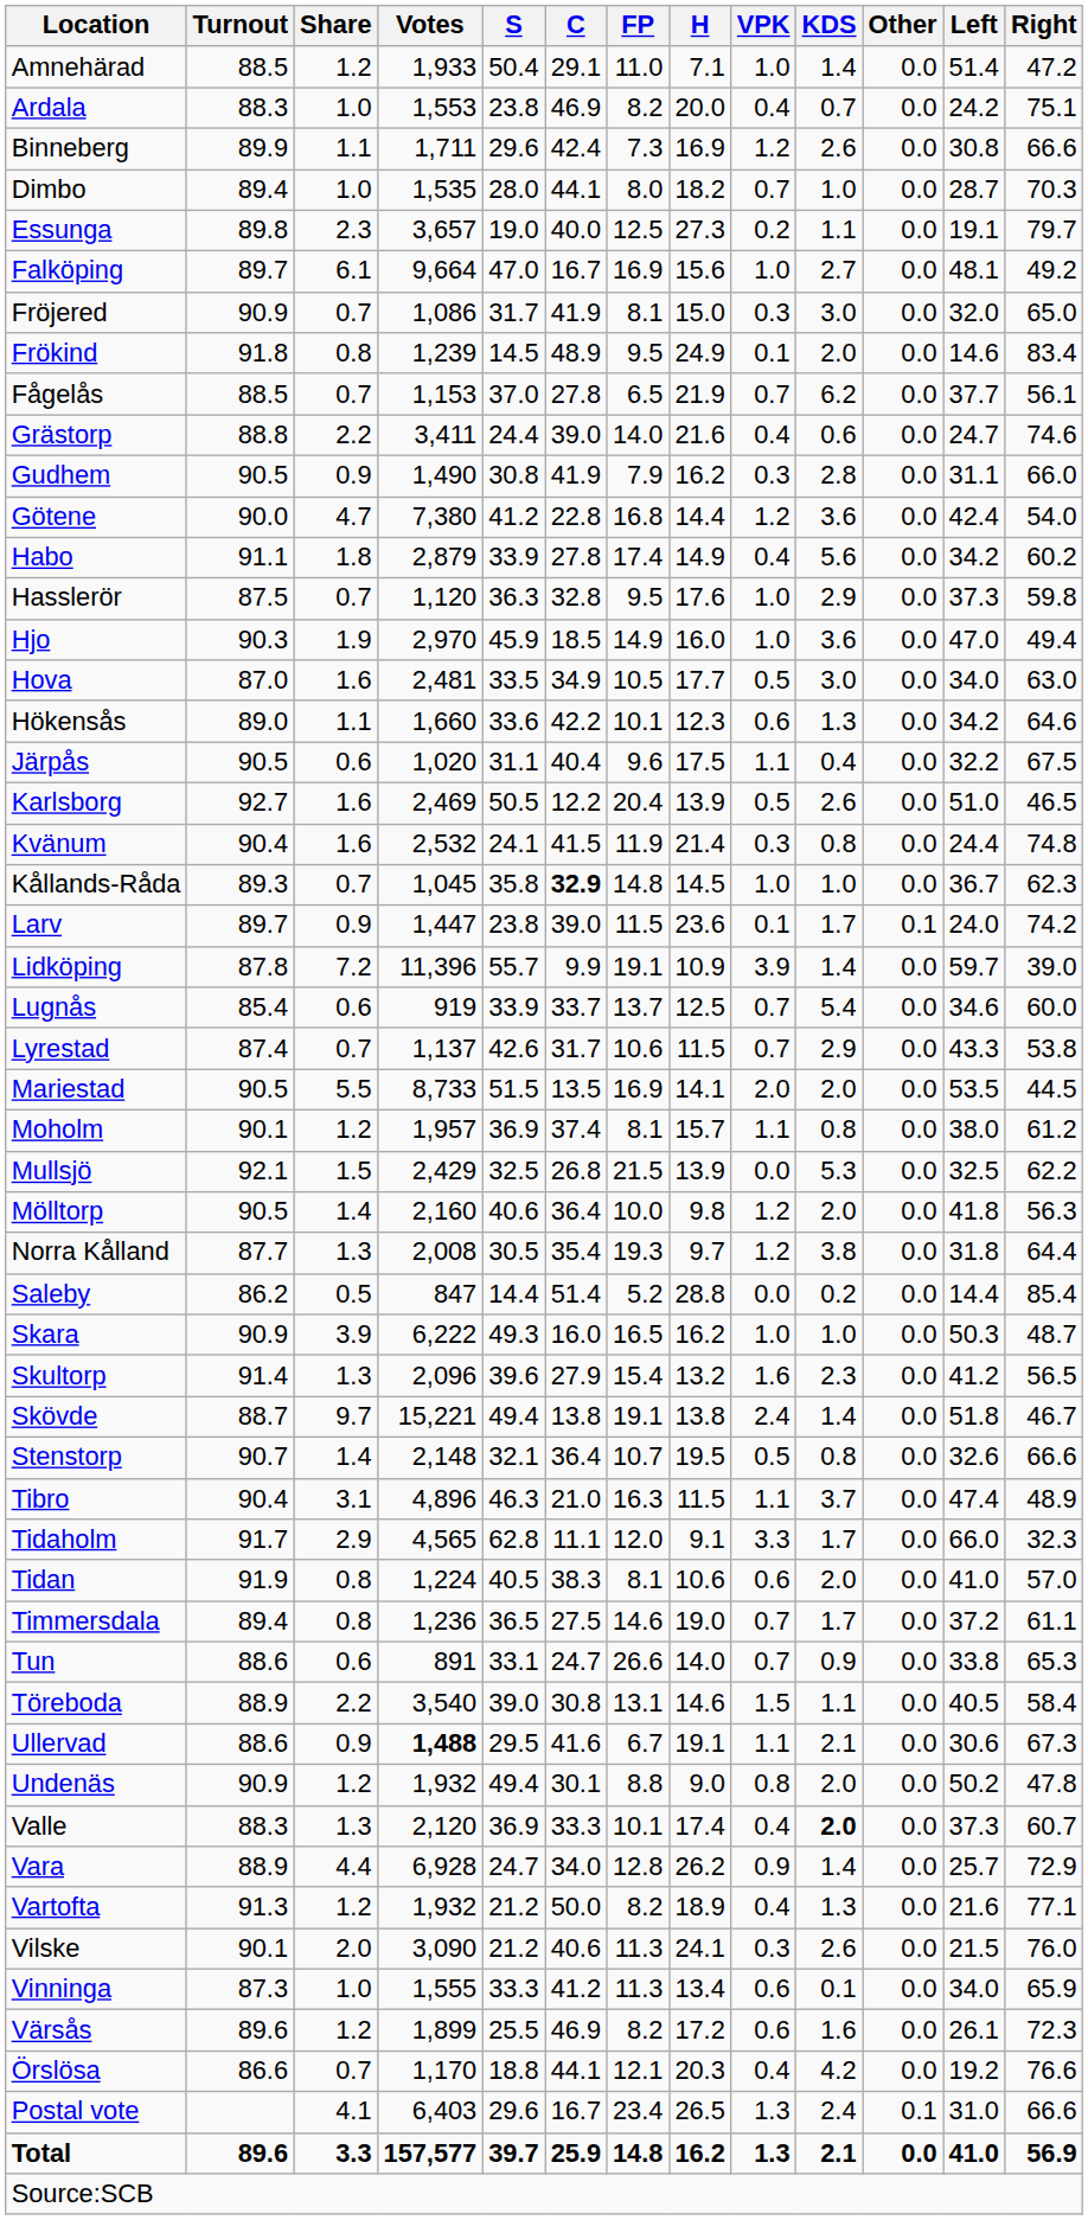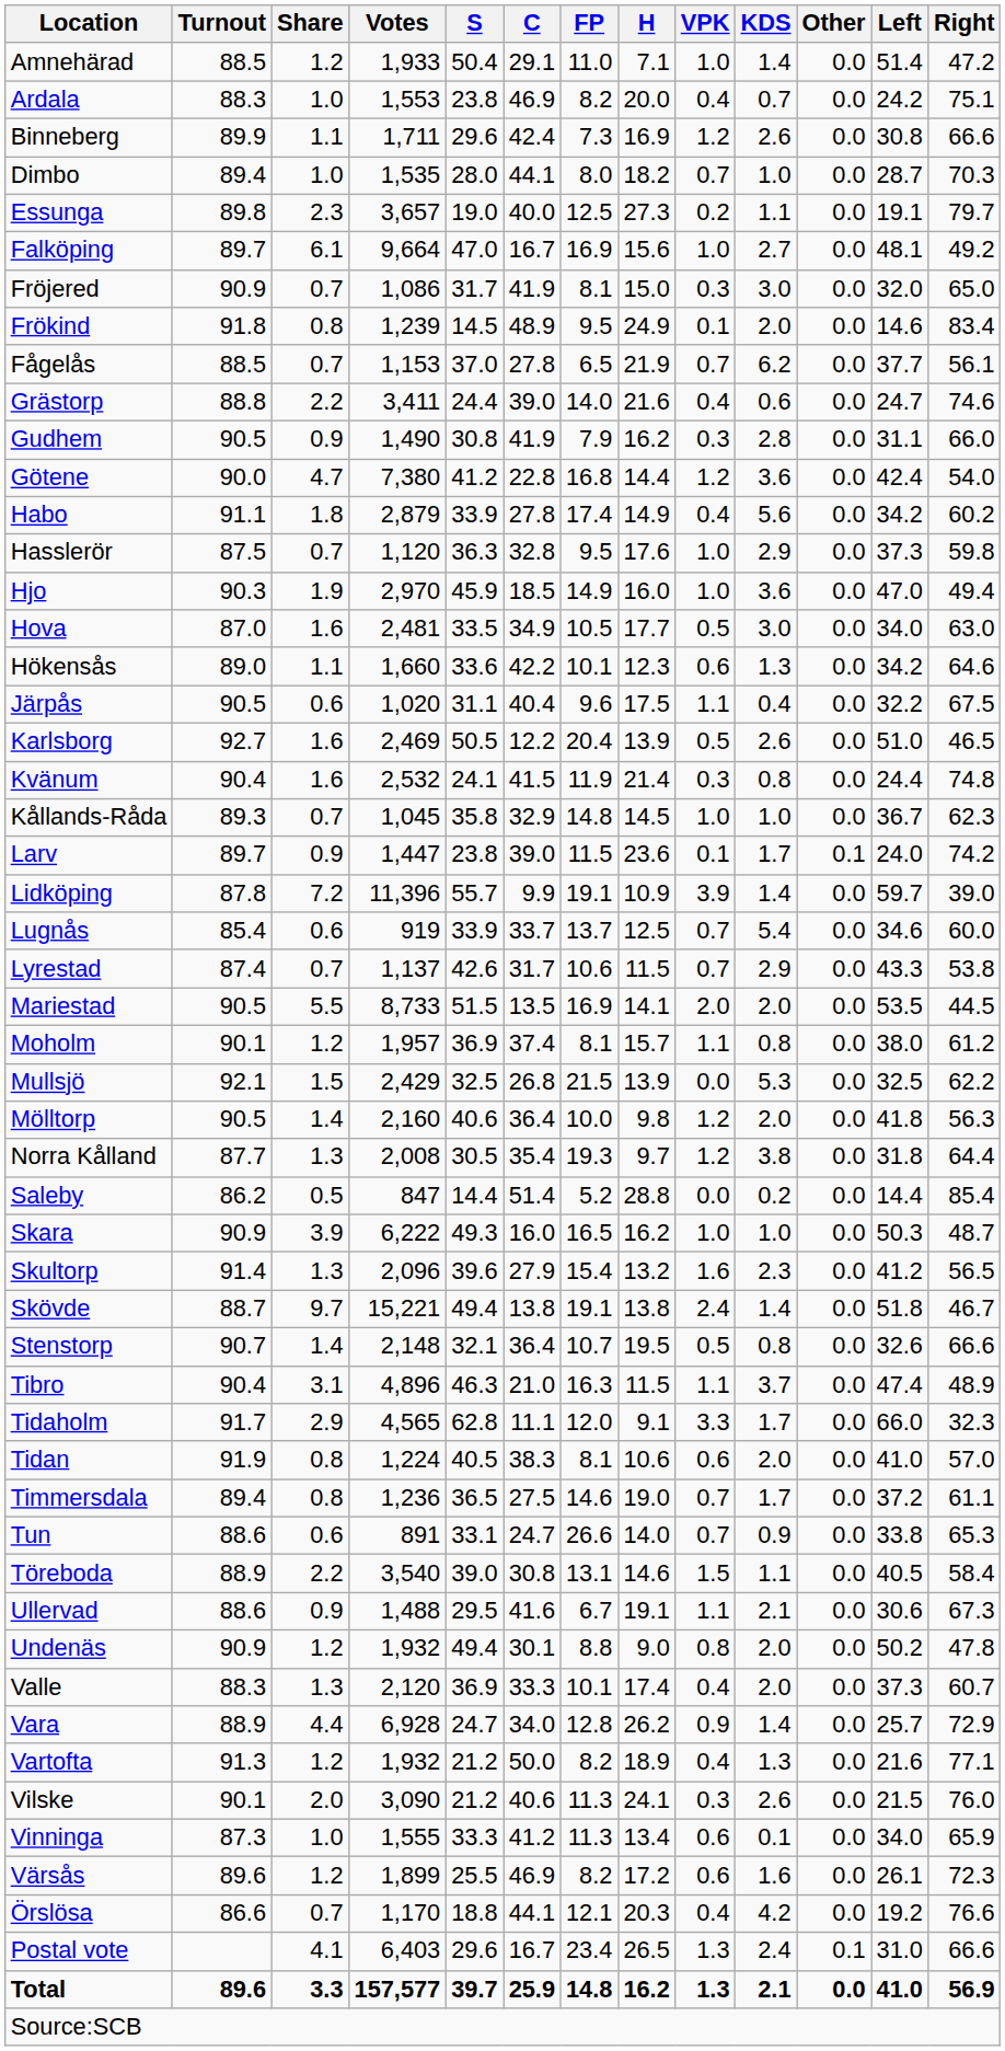 <table class="wikitable sortable" style=text-align:right>
 <tr>
 <th>Location</th>
 <th>Turnout</th>
 <th>Share</th>
 <th>Votes</th>
 <th><a href='#'>S</a></th>
 <th><a href='#'>C</a></th>
 <th><a href='#'>FP</a></th>
 <th><a href='#'>H</a></th>
 <th><a href='#'>VPK</a></th>
 <th><a href='#'>KDS</a></th>
 <th>Other</th>
 <th>Left</th>
 <th>Right</th>
 </tr>
 <tr>
 <td align=left>Amnehärad</td>
 <td>88.5</td>
 <td>1.2</td>
 <td>1,933</td>
 <td>50.4</td>
 <td>29.1</td>
 <td>11.0</td>
 <td>7.1</td>
 <td>1.0</td>
 <td>1.4</td>
 <td>0.0</td>
 <td>51.4</td>
 <td>47.2</td>
 </tr>
 <tr>
 <td align=left><a href='#'>Ardala</a></td>
 <td>88.3</td>
 <td>1.0</td>
 <td>1,553</td>
 <td>23.8</td>
 <td>46.9</td>
 <td>8.2</td>
 <td>20.0</td>
 <td>0.4</td>
 <td>0.7</td>
 <td>0.0</td>
 <td>24.2</td>
 <td>75.1</td>
 </tr>
 <tr>
 <td align=left>Binneberg</td>
 <td>89.9</td>
 <td>1.1</td>
 <td>1,711</td>
 <td>29.6</td>
 <td>42.4</td>
 <td>7.3</td>
 <td>16.9</td>
 <td>1.2</td>
 <td>2.6</td>
 <td>0.0</td>
 <td>30.8</td>
 <td>66.6</td>
 </tr>
 <tr>
 <td align=left>Dimbo</td>
 <td>89.4</td>
 <td>1.0</td>
 <td>1,535</td>
 <td>28.0</td>
 <td>44.1</td>
 <td>8.0</td>
 <td>18.2</td>
 <td>0.7</td>
 <td>1.0</td>
 <td>0.0</td>
 <td>28.7</td>
 <td>70.3</td>
 </tr>
 <tr>
 <td align=left><a href='#'>Essunga</a></td>
 <td>89.8</td>
 <td>2.3</td>
 <td>3,657</td>
 <td>19.0</td>
 <td>40.0</td>
 <td>12.5</td>
 <td>27.3</td>
 <td>0.2</td>
 <td>1.1</td>
 <td>0.0</td>
 <td>19.1</td>
 <td>79.7</td>
 </tr>
 <tr>
 <td align=left><a href='#'>Falköping</a></td>
 <td>89.7</td>
 <td>6.1</td>
 <td>9,664</td>
 <td>47.0</td>
 <td>16.7</td>
 <td>16.9</td>
 <td>15.6</td>
 <td>1.0</td>
 <td>2.7</td>
 <td>0.0</td>
 <td>48.1</td>
 <td>49.2</td>
 </tr>
 <tr>
 <td align=left>Fröjered</td>
 <td>90.9</td>
 <td>0.7</td>
 <td>1,086</td>
 <td>31.7</td>
 <td>41.9</td>
 <td>8.1</td>
 <td>15.0</td>
 <td>0.3</td>
 <td>3.0</td>
 <td>0.0</td>
 <td>32.0</td>
 <td>65.0</td>
 </tr>
 <tr>
 <td align=left><a href='#'>Frökind</a></td>
 <td>91.8</td>
 <td>0.8</td>
 <td>1,239</td>
 <td>14.5</td>
 <td>48.9</td>
 <td>9.5</td>
 <td>24.9</td>
 <td>0.1</td>
 <td>2.0</td>
 <td>0.0</td>
 <td>14.6</td>
 <td>83.4</td>
 </tr>
 <tr>
 <td align=left>Fågelås</td>
 <td>88.5</td>
 <td>0.7</td>
 <td>1,153</td>
 <td>37.0</td>
 <td>27.8</td>
 <td>6.5</td>
 <td>21.9</td>
 <td>0.7</td>
 <td>6.2</td>
 <td>0.0</td>
 <td>37.7</td>
 <td>56.1</td>
 </tr>
 <tr>
 <td align=left><a href='#'>Grästorp</a></td>
 <td>88.8</td>
 <td>2.2</td>
 <td>3,411</td>
 <td>24.4</td>
 <td>39.0</td>
 <td>14.0</td>
 <td>21.6</td>
 <td>0.4</td>
 <td>0.6</td>
 <td>0.0</td>
 <td>24.7</td>
 <td>74.6</td>
 </tr>
 <tr>
 <td align=left><a href='#'>Gudhem</a></td>
 <td>90.5</td>
 <td>0.9</td>
 <td>1,490</td>
 <td>30.8</td>
 <td>41.9</td>
 <td>7.9</td>
 <td>16.2</td>
 <td>0.3</td>
 <td>2.8</td>
 <td>0.0</td>
 <td>31.1</td>
 <td>66.0</td>
 </tr>
 <tr>
 <td align=left><a href='#'>Götene</a></td>
 <td>90.0</td>
 <td>4.7</td>
 <td>7,380</td>
 <td>41.2</td>
 <td>22.8</td>
 <td>16.8</td>
 <td>14.4</td>
 <td>1.2</td>
 <td>3.6</td>
 <td>0.0</td>
 <td>42.4</td>
 <td>54.0</td>
 </tr>
 <tr>
 <td align=left><a href='#'>Habo</a></td>
 <td>91.1</td>
 <td>1.8</td>
 <td>2,879</td>
 <td>33.9</td>
 <td>27.8</td>
 <td>17.4</td>
 <td>14.9</td>
 <td>0.4</td>
 <td>5.6</td>
 <td>0.0</td>
 <td>34.2</td>
 <td>60.2</td>
 </tr>
 <tr>
 <td align=left>Hasslerör</td>
 <td>87.5</td>
 <td>0.7</td>
 <td>1,120</td>
 <td>36.3</td>
 <td>32.8</td>
 <td>9.5</td>
 <td>17.6</td>
 <td>1.0</td>
 <td>2.9</td>
 <td>0.0</td>
 <td>37.3</td>
 <td>59.8</td>
 </tr>
 <tr>
 <td align=left><a href='#'>Hjo</a></td>
 <td>90.3</td>
 <td>1.9</td>
 <td>2,970</td>
 <td>45.9</td>
 <td>18.5</td>
 <td>14.9</td>
 <td>16.0</td>
 <td>1.0</td>
 <td>3.6</td>
 <td>0.0</td>
 <td>47.0</td>
 <td>49.4</td>
 </tr>
 <tr>
 <td align=left><a href='#'>Hova</a></td>
 <td>87.0</td>
 <td>1.6</td>
 <td>2,481</td>
 <td>33.5</td>
 <td>34.9</td>
 <td>10.5</td>
 <td>17.7</td>
 <td>0.5</td>
 <td>3.0</td>
 <td>0.0</td>
 <td>34.0</td>
 <td>63.0</td>
 </tr>
 <tr>
 <td align=left>Hökensås</td>
 <td>89.0</td>
 <td>1.1</td>
 <td>1,660</td>
 <td>33.6</td>
 <td>42.2</td>
 <td>10.1</td>
 <td>12.3</td>
 <td>0.6</td>
 <td>1.3</td>
 <td>0.0</td>
 <td>34.2</td>
 <td>64.6</td>
 </tr>
 <tr>
 <td align=left><a href='#'>Järpås</a></td>
 <td>90.5</td>
 <td>0.6</td>
 <td>1,020</td>
 <td>31.1</td>
 <td>40.4</td>
 <td>9.6</td>
 <td>17.5</td>
 <td>1.1</td>
 <td>0.4</td>
 <td>0.0</td>
 <td>32.2</td>
 <td>67.5</td>
 </tr>
 <tr>
 <td align=left><a href='#'>Karlsborg</a></td>
 <td>92.7</td>
 <td>1.6</td>
 <td>2,469</td>
 <td>50.5</td>
 <td>12.2</td>
 <td>20.4</td>
 <td>13.9</td>
 <td>0.5</td>
 <td>2.6</td>
 <td>0.0</td>
 <td>51.0</td>
 <td>46.5</td>
 </tr>
 <tr>
 <td align=left><a href='#'>Kvänum</a></td>
 <td>90.4</td>
 <td>1.6</td>
 <td>2,532</td>
 <td>24.1</td>
 <td>41.5</td>
 <td>11.9</td>
 <td>21.4</td>
 <td>0.3</td>
 <td>0.8</td>
 <td>0.0</td>
 <td>24.4</td>
 <td>74.8</td>
 </tr>
 <tr>
 <td align=left>Kållands-Råda</td>
 <td>89.3</td>
 <td>0.7</td>
 <td>1,045</td>
 <td>35.8</td>
-<td><strong>32.9</strong></td>
+<td>32.9</td>
 <td>14.8</td>
 <td>14.5</td>
 <td>1.0</td>
 <td>1.0</td>
 <td>0.0</td>
 <td>36.7</td>
 <td>62.3</td>
 </tr>
 <tr>
 <td align=left><a href='#'>Larv</a></td>
 <td>89.7</td>
 <td>0.9</td>
 <td>1,447</td>
 <td>23.8</td>
 <td>39.0</td>
 <td>11.5</td>
 <td>23.6</td>
 <td>0.1</td>
 <td>1.7</td>
 <td>0.1</td>
 <td>24.0</td>
 <td>74.2</td>
 </tr>
 <tr>
 <td align=left><a href='#'>Lidköping</a></td>
 <td>87.8</td>
 <td>7.2</td>
 <td>11,396</td>
 <td>55.7</td>
 <td>9.9</td>
 <td>19.1</td>
 <td>10.9</td>
 <td>3.9</td>
 <td>1.4</td>
 <td>0.0</td>
 <td>59.7</td>
 <td>39.0</td>
 </tr>
 <tr>
 <td align=left><a href='#'>Lugnås</a></td>
 <td>85.4</td>
 <td>0.6</td>
 <td>919</td>
 <td>33.9</td>
 <td>33.7</td>
 <td>13.7</td>
 <td>12.5</td>
 <td>0.7</td>
 <td>5.4</td>
 <td>0.0</td>
 <td>34.6</td>
 <td>60.0</td>
 </tr>
 <tr>
 <td align=left><a href='#'>Lyrestad</a></td>
 <td>87.4</td>
 <td>0.7</td>
 <td>1,137</td>
 <td>42.6</td>
 <td>31.7</td>
 <td>10.6</td>
 <td>11.5</td>
 <td>0.7</td>
 <td>2.9</td>
 <td>0.0</td>
 <td>43.3</td>
 <td>53.8</td>
 </tr>
 <tr>
 <td align=left><a href='#'>Mariestad</a></td>
 <td>90.5</td>
 <td>5.5</td>
 <td>8,733</td>
 <td>51.5</td>
 <td>13.5</td>
 <td>16.9</td>
 <td>14.1</td>
 <td>2.0</td>
 <td>2.0</td>
 <td>0.0</td>
 <td>53.5</td>
 <td>44.5</td>
 </tr>
 <tr>
 <td align=left><a href='#'>Moholm</a></td>
 <td>90.1</td>
 <td>1.2</td>
 <td>1,957</td>
 <td>36.9</td>
 <td>37.4</td>
 <td>8.1</td>
 <td>15.7</td>
 <td>1.1</td>
 <td>0.8</td>
 <td>0.0</td>
 <td>38.0</td>
 <td>61.2</td>
 </tr>
 <tr>
 <td align=left><a href='#'>Mullsjö</a></td>
 <td>92.1</td>
 <td>1.5</td>
 <td>2,429</td>
 <td>32.5</td>
 <td>26.8</td>
 <td>21.5</td>
 <td>13.9</td>
 <td>0.0</td>
 <td>5.3</td>
 <td>0.0</td>
 <td>32.5</td>
 <td>62.2</td>
 </tr>
 <tr>
 <td align=left><a href='#'>Mölltorp</a></td>
 <td>90.5</td>
 <td>1.4</td>
 <td>2,160</td>
 <td>40.6</td>
 <td>36.4</td>
 <td>10.0</td>
 <td>9.8</td>
 <td>1.2</td>
 <td>2.0</td>
 <td>0.0</td>
 <td>41.8</td>
 <td>56.3</td>
 </tr>
 <tr>
 <td align=left>Norra Kålland</td>
 <td>87.7</td>
 <td>1.3</td>
 <td>2,008</td>
 <td>30.5</td>
 <td>35.4</td>
 <td>19.3</td>
 <td>9.7</td>
 <td>1.2</td>
 <td>3.8</td>
 <td>0.0</td>
 <td>31.8</td>
 <td>64.4</td>
 </tr>
 <tr>
 <td align=left><a href='#'>Saleby</a></td>
 <td>86.2</td>
 <td>0.5</td>
 <td>847</td>
 <td>14.4</td>
 <td>51.4</td>
 <td>5.2</td>
 <td>28.8</td>
 <td>0.0</td>
 <td>0.2</td>
 <td>0.0</td>
 <td>14.4</td>
 <td>85.4</td>
 </tr>
 <tr>
 <td align=left><a href='#'>Skara</a></td>
 <td>90.9</td>
 <td>3.9</td>
 <td>6,222</td>
 <td>49.3</td>
 <td>16.0</td>
 <td>16.5</td>
 <td>16.2</td>
 <td>1.0</td>
 <td>1.0</td>
 <td>0.0</td>
 <td>50.3</td>
 <td>48.7</td>
 </tr>
 <tr>
 <td align=left><a href='#'>Skultorp</a></td>
 <td>91.4</td>
 <td>1.3</td>
 <td>2,096</td>
 <td>39.6</td>
 <td>27.9</td>
 <td>15.4</td>
 <td>13.2</td>
 <td>1.6</td>
 <td>2.3</td>
 <td>0.0</td>
 <td>41.2</td>
 <td>56.5</td>
 </tr>
 <tr>
 <td align=left><a href='#'>Skövde</a></td>
 <td>88.7</td>
 <td>9.7</td>
 <td>15,221</td>
 <td>49.4</td>
 <td>13.8</td>
 <td>19.1</td>
 <td>13.8</td>
 <td>2.4</td>
 <td>1.4</td>
 <td>0.0</td>
 <td>51.8</td>
 <td>46.7</td>
 </tr>
 <tr>
 <td align=left><a href='#'>Stenstorp</a></td>
 <td>90.7</td>
 <td>1.4</td>
 <td>2,148</td>
 <td>32.1</td>
 <td>36.4</td>
 <td>10.7</td>
 <td>19.5</td>
 <td>0.5</td>
 <td>0.8</td>
 <td>0.0</td>
 <td>32.6</td>
 <td>66.6</td>
 </tr>
 <tr>
 <td align=left><a href='#'>Tibro</a></td>
 <td>90.4</td>
 <td>3.1</td>
 <td>4,896</td>
 <td>46.3</td>
 <td>21.0</td>
 <td>16.3</td>
 <td>11.5</td>
 <td>1.1</td>
 <td>3.7</td>
 <td>0.0</td>
 <td>47.4</td>
 <td>48.9</td>
 </tr>
 <tr>
 <td align=left><a href='#'>Tidaholm</a></td>
 <td>91.7</td>
 <td>2.9</td>
 <td>4,565</td>
 <td>62.8</td>
 <td>11.1</td>
 <td>12.0</td>
 <td>9.1</td>
 <td>3.3</td>
 <td>1.7</td>
 <td>0.0</td>
 <td>66.0</td>
 <td>32.3</td>
 </tr>
 <tr>
 <td align=left><a href='#'>Tidan</a></td>
 <td>91.9</td>
 <td>0.8</td>
 <td>1,224</td>
 <td>40.5</td>
 <td>38.3</td>
 <td>8.1</td>
 <td>10.6</td>
 <td>0.6</td>
 <td>2.0</td>
 <td>0.0</td>
 <td>41.0</td>
 <td>57.0</td>
 </tr>
 <tr>
 <td align=left><a href='#'>Timmersdala</a></td>
 <td>89.4</td>
 <td>0.8</td>
 <td>1,236</td>
 <td>36.5</td>
 <td>27.5</td>
 <td>14.6</td>
 <td>19.0</td>
 <td>0.7</td>
 <td>1.7</td>
 <td>0.0</td>
 <td>37.2</td>
 <td>61.1</td>
 </tr>
 <tr>
 <td align=left><a href='#'>Tun</a></td>
 <td>88.6</td>
 <td>0.6</td>
 <td>891</td>
 <td>33.1</td>
 <td>24.7</td>
 <td>26.6</td>
 <td>14.0</td>
 <td>0.7</td>
 <td>0.9</td>
 <td>0.0</td>
 <td>33.8</td>
 <td>65.3</td>
 </tr>
 <tr>
 <td align=left><a href='#'>Töreboda</a></td>
 <td>88.9</td>
 <td>2.2</td>
 <td>3,540</td>
 <td>39.0</td>
 <td>30.8</td>
 <td>13.1</td>
 <td>14.6</td>
 <td>1.5</td>
 <td>1.1</td>
 <td>0.0</td>
 <td>40.5</td>
 <td>58.4</td>
 </tr>
 <tr>
 <td align=left><a href='#'>Ullervad</a></td>
 <td>88.6</td>
 <td>0.9</td>
-<td><strong>1,488</strong></td>
+<td>1,488</td>
 <td>29.5</td>
 <td>41.6</td>
 <td>6.7</td>
 <td>19.1</td>
 <td>1.1</td>
 <td>2.1</td>
 <td>0.0</td>
 <td>30.6</td>
 <td>67.3</td>
 </tr>
 <tr>
 <td align=left><a href='#'>Undenäs</a></td>
 <td>90.9</td>
 <td>1.2</td>
 <td>1,932</td>
 <td>49.4</td>
 <td>30.1</td>
 <td>8.8</td>
 <td>9.0</td>
 <td>0.8</td>
 <td>2.0</td>
 <td>0.0</td>
 <td>50.2</td>
 <td>47.8</td>
 </tr>
 <tr>
 <td align=left>Valle</td>
 <td>88.3</td>
 <td>1.3</td>
 <td>2,120</td>
 <td>36.9</td>
 <td>33.3</td>
 <td>10.1</td>
 <td>17.4</td>
 <td>0.4</td>
-<td><strong>2.0</strong></td>
+<td>2.0</td>
 <td>0.0</td>
 <td>37.3</td>
 <td>60.7</td>
 </tr>
 <tr>
 <td align=left><a href='#'>Vara</a></td>
 <td>88.9</td>
 <td>4.4</td>
 <td>6,928</td>
 <td>24.7</td>
 <td>34.0</td>
 <td>12.8</td>
 <td>26.2</td>
 <td>0.9</td>
 <td>1.4</td>
 <td>0.0</td>
 <td>25.7</td>
 <td>72.9</td>
 </tr>
 <tr>
 <td align=left><a href='#'>Vartofta</a></td>
 <td>91.3</td>
 <td>1.2</td>
 <td>1,932</td>
 <td>21.2</td>
 <td>50.0</td>
 <td>8.2</td>
 <td>18.9</td>
 <td>0.4</td>
 <td>1.3</td>
 <td>0.0</td>
 <td>21.6</td>
 <td>77.1</td>
 </tr>
 <tr>
 <td align=left>Vilske</td>
 <td>90.1</td>
 <td>2.0</td>
 <td>3,090</td>
 <td>21.2</td>
 <td>40.6</td>
 <td>11.3</td>
 <td>24.1</td>
 <td>0.3</td>
 <td>2.6</td>
 <td>0.0</td>
 <td>21.5</td>
 <td>76.0</td>
 </tr>
 <tr>
 <td align=left><a href='#'>Vinninga</a></td>
 <td>87.3</td>
 <td>1.0</td>
 <td>1,555</td>
 <td>33.3</td>
 <td>41.2</td>
 <td>11.3</td>
 <td>13.4</td>
 <td>0.6</td>
 <td>0.1</td>
 <td>0.0</td>
 <td>34.0</td>
 <td>65.9</td>
 </tr>
 <tr>
 <td align=left><a href='#'>Värsås</a></td>
 <td>89.6</td>
 <td>1.2</td>
 <td>1,899</td>
 <td>25.5</td>
 <td>46.9</td>
 <td>8.2</td>
 <td>17.2</td>
 <td>0.6</td>
 <td>1.6</td>
 <td>0.0</td>
 <td>26.1</td>
 <td>72.3</td>
 </tr>
 <tr>
 <td align=left><a href='#'>Örslösa</a></td>
 <td>86.6</td>
 <td>0.7</td>
 <td>1,170</td>
 <td>18.8</td>
 <td>44.1</td>
 <td>12.1</td>
 <td>20.3</td>
 <td>0.4</td>
 <td>4.2</td>
 <td>0.0</td>
 <td>19.2</td>
 <td>76.6</td>
 </tr>
 <tr>
 <td align=left><a href='#'>Postal vote</a></td>
 <td></td>
 <td>4.1</td>
 <td>6,403</td>
 <td>29.6</td>
 <td>16.7</td>
 <td>23.4</td>
 <td>26.5</td>
 <td>1.3</td>
 <td>2.4</td>
 <td>0.1</td>
 <td>31.0</td>
 <td>66.6</td>
 </tr>
 <tr>
 <td align=left><strong>Total</strong></td>
 <td><strong>89.6</strong></td>
 <td><strong>3.3</strong></td>
 <td><strong>157,577</strong></td>
 <td><strong>39.7</strong></td>
 <td><strong>25.9</strong></td>
 <td><strong>14.8</strong></td>
 <td><strong>16.2</strong></td>
 <td><strong>1.3</strong></td>
 <td><strong>2.1</strong></td>
 <td><strong>0.0</strong></td>
 <td><strong>41.0</strong></td>
 <td><strong>56.9</strong></td>
 </tr>
 <tr>
 <td align=left colspan=13>Source:SCB </td>
 </tr>
 </table>
